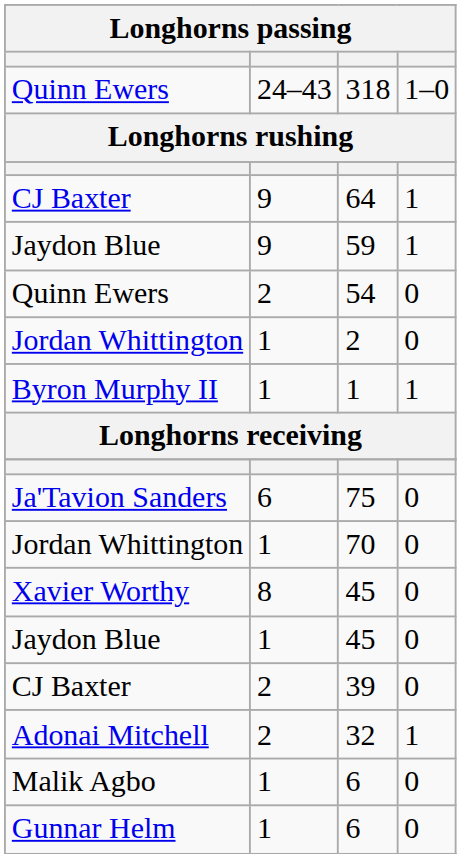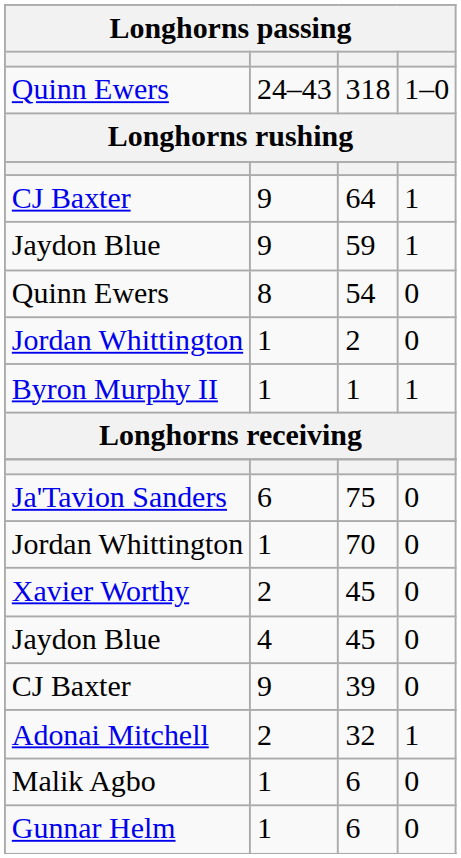 <table class="wikitable plainrowheaders">
 <tr>
 <th colspan="6">Longhorns passing</th>
 </tr>
 <tr>
 <th scope="col"></th>
 <th scope="col"></th>
 <th scope="col"></th>
 <th scope="col"></th>
 </tr>
 <tr>
 <td><a href='#'>Quinn Ewers</a></td>
 <td>24–43</td>
 <td>318</td>
 <td>1–0</td>
 </tr>
 <tr>
 <th colspan="6">Longhorns rushing</th>
 </tr>
 <tr>
 <th scope="col"></th>
 <th scope="col"></th>
 <th scope="col"></th>
 <th scope="col"></th>
 </tr>
 <tr>
 <td><a href='#'>CJ Baxter</a></td>
 <td>9</td>
 <td>64</td>
 <td>1</td>
 </tr>
 <tr>
 <td>Jaydon Blue</td>
 <td>9</td>
 <td>59</td>
 <td>1</td>
 </tr>
 <tr>
 <td>Quinn Ewers</td>
-<td>2</td>
+<td>8</td>
 <td>54</td>
 <td>0</td>
 </tr>
 <tr>
 <td><a href='#'>Jordan Whittington</a></td>
 <td>1</td>
 <td>2</td>
 <td>0</td>
 </tr>
 <tr>
 <td><a href='#'>Byron Murphy II</a></td>
 <td>1</td>
 <td>1</td>
 <td>1</td>
 </tr>
 <tr>
 <th colspan="6">Longhorns receiving</th>
 </tr>
 <tr>
 </tr>
 <tr>
 <th scope="col"></th>
 <th scope="col"></th>
 <th scope="col"></th>
 <th scope="col"></th>
 </tr>
 <tr>
 <td><a href='#'>Ja'Tavion Sanders</a></td>
 <td>6</td>
 <td>75</td>
 <td>0</td>
 </tr>
 <tr>
 <td>Jordan Whittington</td>
 <td>1</td>
 <td>70</td>
 <td>0</td>
 </tr>
 <tr>
 <td><a href='#'>Xavier Worthy</a></td>
-<td>8</td>
+<td>2</td>
 <td>45</td>
 <td>0</td>
 </tr>
 <tr>
 <td>Jaydon Blue</td>
-<td>1</td>
+<td>4</td>
 <td>45</td>
 <td>0</td>
 </tr>
 <tr>
 <td>CJ Baxter</td>
-<td>2</td>
+<td>9</td>
 <td>39</td>
 <td>0</td>
 </tr>
 <tr>
 <td><a href='#'>Adonai Mitchell</a></td>
 <td>2</td>
 <td>32</td>
 <td>1</td>
 </tr>
 <tr>
 <td>Malik Agbo</td>
 <td>1</td>
 <td>6</td>
 <td>0</td>
 </tr>
 <tr>
 <td><a href='#'>Gunnar Helm</a></td>
 <td>1</td>
 <td>6</td>
 <td>0</td>
 </tr>
 <tr>
 </tr>
 </table>
